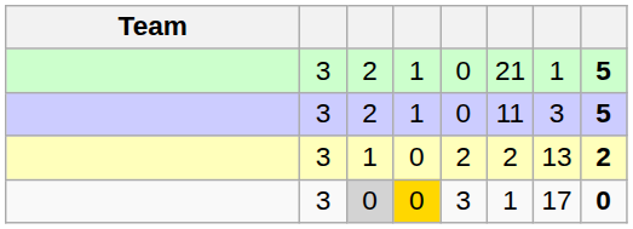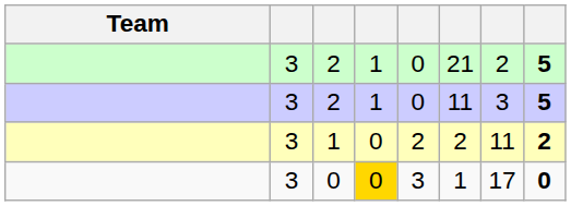 <table class="wikitable" style="text-align:center;">
 <tr>
 <th width=165>Team</th>
 <th width=20></th>
 <th width=20></th>
 <th width=20></th>
 <th width=20></th>
 <th width=20></th>
 <th width=20></th>
 <th width=20></th>
 </tr>
 <tr style="background:#cfc;">
 <td align="left"></td>
 <td>3</td>
 <td>2</td>
 <td>1</td>
 <td>0</td>
 <td>21</td>
-<td>1</td>
+<td>2</td>
 <td><strong>5</strong></td>
 </tr>
 <tr style="background: #ccccff;">
 <td align="left"></td>
 <td>3</td>
 <td>2</td>
 <td>1</td>
 <td>0</td>
 <td>11</td>
 <td>3</td>
 <td><strong>5</strong></td>
 </tr>
 <tr style="background:#FFFFBB">
 <td align="left"></td>
 <td>3</td>
 <td>1</td>
 <td>0</td>
 <td>2</td>
 <td>2</td>
-<td>13</td>
+<td>11</td>
 <td><strong>2</strong></td>
 </tr>
 <tr>
 <td align="left"></td>
 <td>3</td>
-<td style="background: lightgrey;">0</td>
+<td>0</td>
 <td style="background: gold;">0</td>
 <td>3</td>
 <td>1</td>
 <td>17</td>
 <td><strong>0</strong></td>
 </tr>
 </table>
